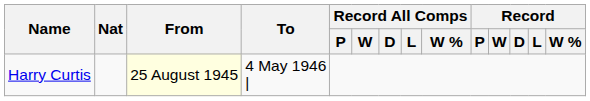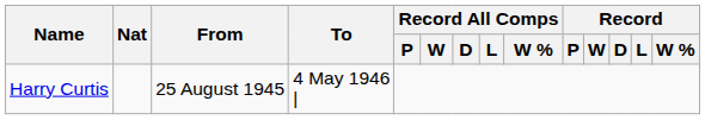 <table style="text-align: center" class="wikitable">
 <tr>
 <th rowspan="2">Name</th>
 <th rowspan="2">Nat</th>
 <th rowspan="2">From</th>
 <th rowspan="2">To</th>
 <th colspan="5">Record All Comps</th>
 <th colspan="5">Record</th>
 </tr>
 <tr>
 <th>P</th>
 <th>W</th>
 <th>D</th>
 <th>L</th>
 <th>W %</th>
 <th>P</th>
 <th>W</th>
 <th>D</th>
 <th>L</th>
 <th>W %</th>
 </tr>
 <tr>
 <td style="text-align:left;"><a href='#'>Harry Curtis</a></td>
 <td></td>
-<td style="background: lightyellow; text-align:left;">25 August 1945</td>
+<td style="text-align:left;">25 August 1945</td>
 <td style="text-align:left;">4 May 1946<br>|</td>
 </tr>
 </table>
